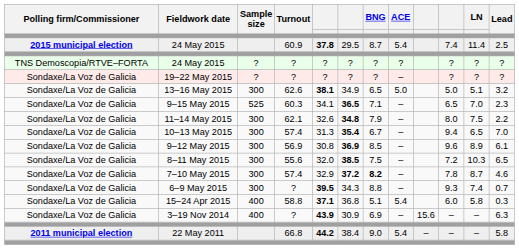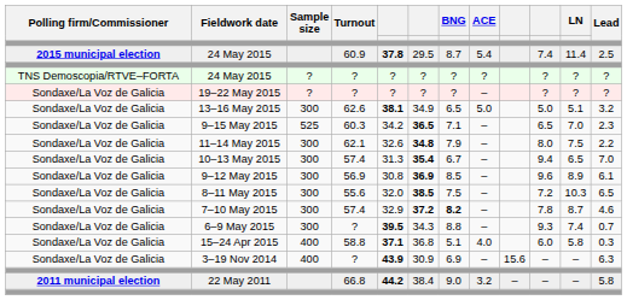 <table class="wikitable collapsible collapsed" style="text-align:center; font-size:95%; line-height:16px;">
 <tr style="height:42px;">
 <th style="width:250px;" rowspan="2">Polling firm/Commissioner</th>
 <th style="width:125px;" rowspan="2">Fieldwork date</th>
 <th style="width:50px;" rowspan="2">Sample size</th>
 <th style="width:45px;" rowspan="2">Turnout</th>
 <th style="width:35px;"></th>
 <th style="width:35px;"></th>
 <th style="width:35px;"><a href='#'>BNG</a></th>
 <th style="width:35px;"><a href='#'>ACE</a></th>
 <th style="width:35px;"></th>
 <th style="width:35px;"></th>
 <th style="width:35px;">LN</th>
 <th style="width:30px;" rowspan="2">Lead</th>
 </tr>
 <tr>
 <th style="color:inherit;background:"></th>
 <th style="color:inherit;background:"></th>
 <th style="color:inherit;background:"></th>
 <th style="color:inherit;background:"></th>
 <th style="color:inherit;background:"></th>
 <th style="color:inherit;background:"></th>
 <th style="color:inherit;background:"></th>
 </tr>
 <tr>
 <td colspan="12" style="background:#A0A0A0"></td>
 </tr>
 <tr style="background:#EFEFEF;">
 <td><strong><a href='#'>2015 municipal election</a></strong></td>
 <td>24 May 2015</td>
 <td></td>
 <td>60.9</td>
 <td><strong>37.8</strong><br></td>
 <td>29.5<br></td>
 <td>8.7<br></td>
 <td>5.4<br></td>
 <td></td>
 <td>7.4<br></td>
 <td>11.4<br></td>
 <td style="background:">2.5</td>
 </tr>
 <tr>
 <td colspan="12" style="background:#A0A0A0"></td>
 </tr>
 <tr style="background:#EAFFEA;">
 <td>TNS Demoscopia/RTVE–FORTA</td>
 <td>24 May 2015</td>
 <td>?</td>
 <td>?</td>
 <td>?<br></td>
 <td>?<br></td>
 <td>?<br></td>
 <td>?<br></td>
 <td></td>
 <td>?<br></td>
 <td>?<br></td>
 <td style="background:">?</td>
 </tr>
 <tr style="background:#FFEAEA;">
 <td>Sondaxe/La Voz de Galicia</td>
 <td>19–22 May 2015</td>
 <td>?</td>
 <td>?</td>
 <td>?<br></td>
 <td>?<br></td>
 <td>?<br></td>
 <td>–</td>
 <td></td>
 <td>?<br></td>
 <td>?<br></td>
 <td style="background:">?</td>
 </tr>
 <tr>
 <td>Sondaxe/La Voz de Galicia</td>
 <td>13–16 May 2015</td>
 <td>300</td>
 <td>62.6</td>
 <td><strong>38.1</strong><br></td>
 <td>34.9<br></td>
 <td>6.5<br></td>
 <td>5.0<br></td>
 <td></td>
 <td>5.0<br></td>
 <td>5.1<br></td>
 <td style="background:">3.2</td>
 </tr>
 <tr>
 <td>Sondaxe/La Voz de Galicia</td>
 <td>9–15 May 2015</td>
 <td>525</td>
 <td>60.3</td>
-<td>34.1<br></td>
+<td>34.2<br></td>
 <td><strong>36.5</strong><br></td>
 <td>7.1<br></td>
 <td>–</td>
 <td></td>
 <td>6.5<br></td>
 <td>7.0<br></td>
 <td style="background:">2.3</td>
 </tr>
 <tr>
 <td>Sondaxe/La Voz de Galicia</td>
 <td>11–14 May 2015</td>
 <td>300</td>
 <td>62.1</td>
 <td>32.6<br></td>
 <td><strong>34.8</strong><br></td>
 <td>7.9<br></td>
 <td>–</td>
 <td></td>
 <td>8.0<br></td>
 <td>7.5<br></td>
 <td style="background:">2.2</td>
 </tr>
 <tr>
 <td>Sondaxe/La Voz de Galicia</td>
 <td>10–13 May 2015</td>
 <td>300</td>
 <td>57.4</td>
 <td>31.3<br></td>
 <td><strong>35.4</strong><br></td>
 <td>6.7<br></td>
 <td>–</td>
 <td></td>
 <td>9.4<br></td>
 <td>6.5<br></td>
 <td style="background:">7.0</td>
 </tr>
 <tr>
 <td>Sondaxe/La Voz de Galicia</td>
 <td>9–12 May 2015</td>
 <td>300</td>
 <td>56.9</td>
 <td>30.8<br></td>
 <td><strong>36.9</strong><br></td>
 <td>8.5<br></td>
 <td>–</td>
 <td></td>
 <td>9.6<br></td>
 <td>8.9<br></td>
 <td style="background:">6.1</td>
 </tr>
 <tr>
 <td>Sondaxe/La Voz de Galicia</td>
 <td>8–11 May 2015</td>
 <td>300</td>
 <td>55.6</td>
 <td>32.0<br></td>
 <td><strong>38.5</strong><br></td>
 <td>7.5<br></td>
 <td>–</td>
 <td></td>
 <td>7.2<br></td>
 <td>10.3<br></td>
 <td style="background:">6.5</td>
 </tr>
 <tr>
 <td>Sondaxe/La Voz de Galicia</td>
 <td>7–10 May 2015</td>
 <td>300</td>
 <td>57.4</td>
 <td>32.9<br></td>
 <td><strong>37.2</strong><br></td>
 <td><strong>8.2<br></strong></td>
 <td>–</td>
 <td></td>
 <td>7.8<br></td>
 <td>8.7<br></td>
 <td style="background:">4.6</td>
 </tr>
 <tr>
 <td>Sondaxe/La Voz de Galicia</td>
 <td>6–9 May 2015</td>
 <td>300</td>
 <td>?</td>
 <td><strong>39.5</strong><br></td>
 <td>34.3<br></td>
 <td>8.8<br></td>
 <td>–</td>
 <td></td>
 <td>9.3<br></td>
 <td>7.4<br></td>
 <td style="background:">0.7</td>
 </tr>
 <tr>
 <td>Sondaxe/La Voz de Galicia</td>
 <td>15–24 Apr 2015</td>
 <td>400</td>
 <td>58.8</td>
 <td><strong>37.1</strong><br></td>
 <td>36.8<br></td>
 <td>5.1<br></td>
-<td>5.4<br></td>
+<td>4.0<br></td>
 <td></td>
 <td>6.0<br></td>
 <td>5.8<br></td>
 <td style="background:">0.3</td>
 </tr>
 <tr>
 <td>Sondaxe/La Voz de Galicia</td>
 <td>3–19 Nov 2014</td>
 <td>400</td>
 <td>?</td>
 <td><strong>43.9</strong><br></td>
 <td>30.9<br></td>
 <td>6.9<br></td>
 <td>–</td>
 <td>15.6<br></td>
 <td>–</td>
 <td>–</td>
 <td style="background:">6.3</td>
 </tr>
 <tr>
 <td colspan="12" style="background:#A0A0A0"></td>
 </tr>
 <tr style="background:#EFEFEF;">
 <td><strong><a href='#'>2011 municipal election</a></strong></td>
 <td>22 May 2011</td>
 <td></td>
 <td>66.8</td>
 <td><strong>44.2</strong><br></td>
 <td>38.4<br></td>
 <td>9.0<br></td>
-<td>5.4<br></td>
+<td>3.2<br></td>
 <td>–</td>
 <td>–</td>
 <td>–</td>
 <td style="background:">5.8</td>
 </tr>
 <tr>
 <td colspan="12" style="background:#A0A0A0"></td>
 </tr>
 </table>
